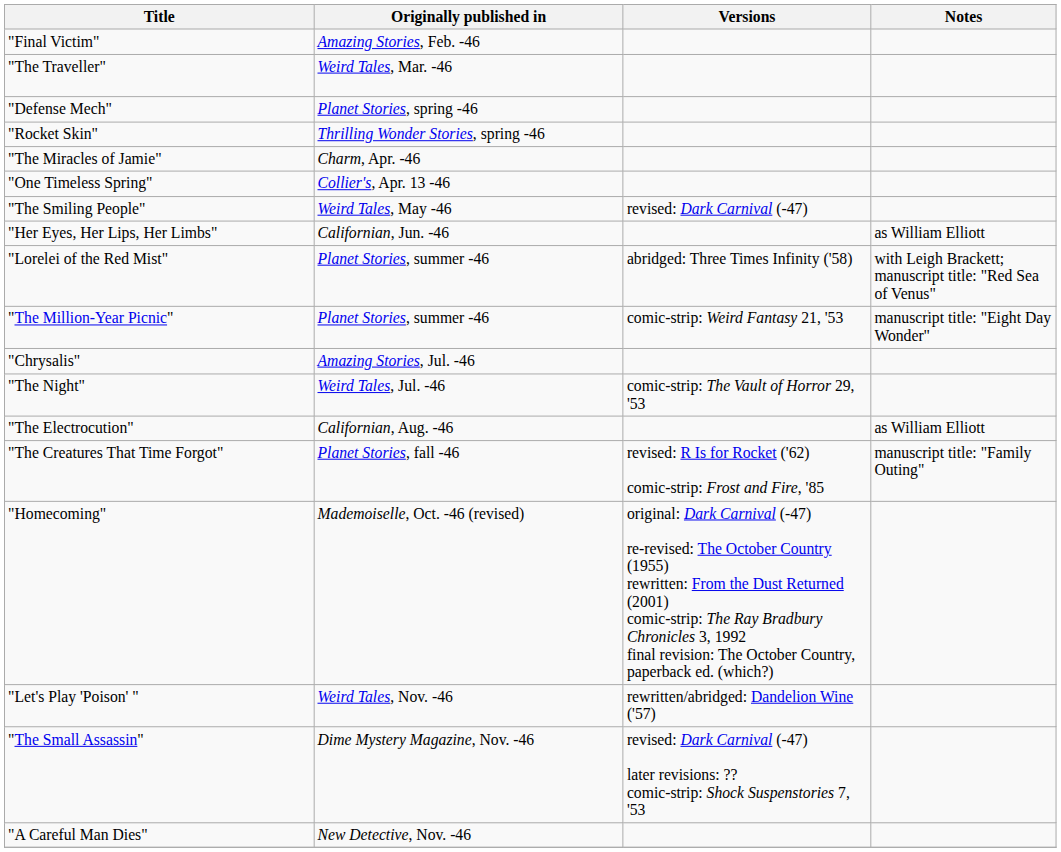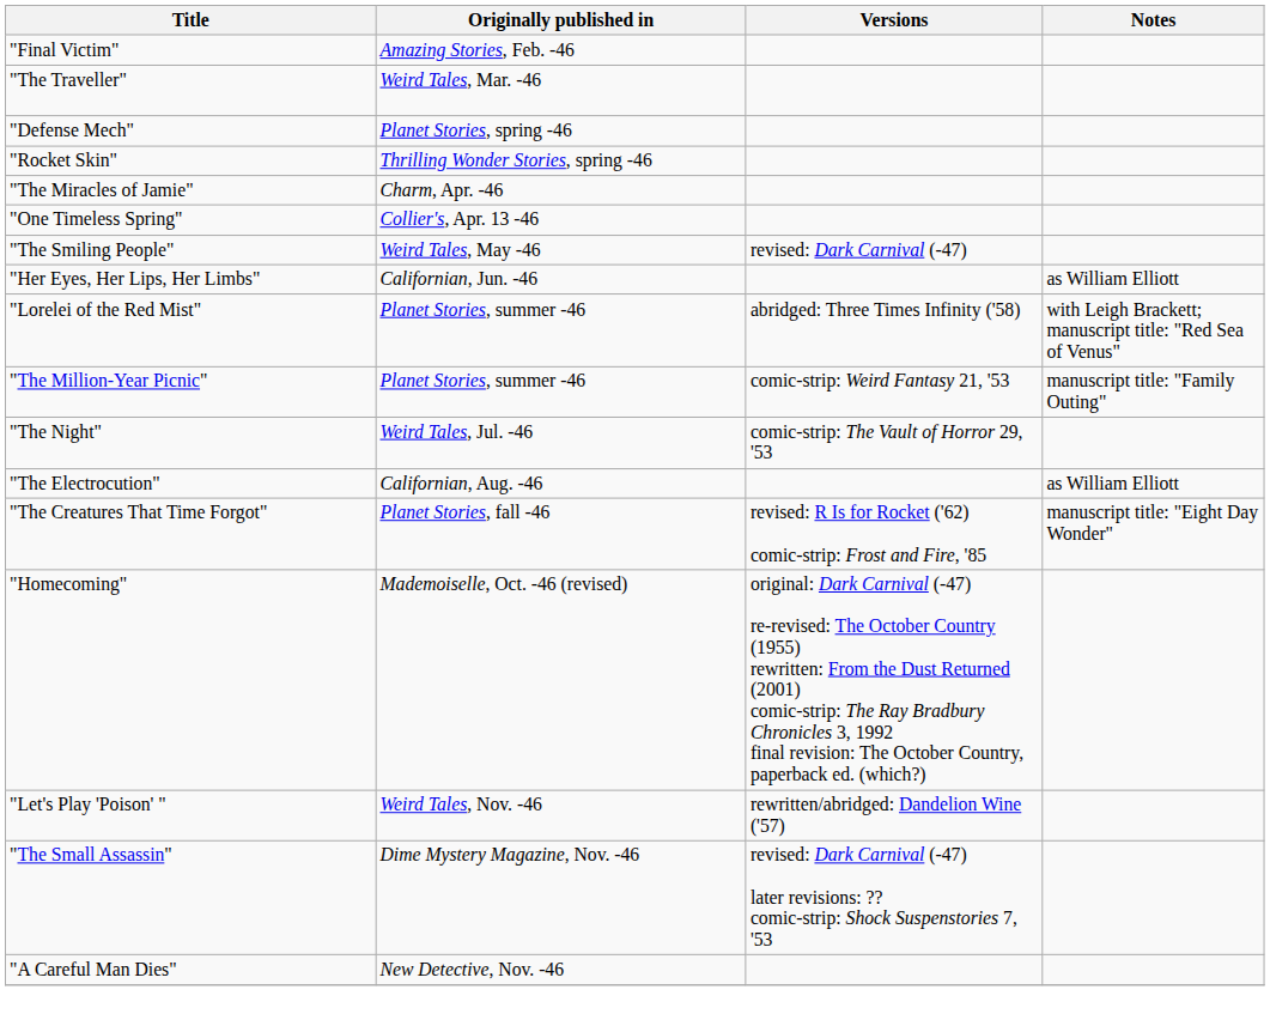 <table class="wikitable" style="width: 85%">
 <tr valign="top">
 <th width="25%">Title</th>
 <th width="25%">Originally published in</th>
 <th width="20%">Versions</th>
 <th width="15%">Notes</th>
 </tr>
 <tr valign="top">
 <td>"Final Victim"</td>
 <td><em><a href='#'>Amazing Stories</a></em>, Feb. -46</td>
 <td></td>
 <td></td>
 </tr>
 <tr valign="top">
 <td>"The Traveller" <br><br></td>
 <td><em><a href='#'>Weird Tales</a></em>, Mar. -46</td>
 <td></td>
 <td></td>
 </tr>
 <tr valign="top">
 <td>"Defense Mech"</td>
 <td><em><a href='#'>Planet Stories</a></em>, spring -46</td>
 <td></td>
 <td></td>
 </tr>
 <tr valign="top">
 <td>"Rocket Skin"</td>
 <td><a href='#'><em>Thrilling Wonder Stories</em></a>, spring -46</td>
 <td></td>
 <td></td>
 </tr>
 <tr valign="top">
 <td>"The Miracles of Jamie"</td>
 <td><em>Charm</em>, Apr. -46</td>
 <td></td>
 <td></td>
 </tr>
 <tr valign="top">
 <td>"One Timeless Spring"</td>
 <td><em><a href='#'>Collier's</a></em>, Apr. 13 -46</td>
 <td></td>
 <td></td>
 </tr>
 <tr valign="top">
 <td>"The Smiling People"</td>
 <td><em><a href='#'>Weird Tales</a></em>, May -46</td>
 <td>revised: <em><a href='#'>Dark Carnival</a></em> (-47)</td>
 <td></td>
 </tr>
 <tr valign="top">
 <td>"Her Eyes, Her Lips, Her Limbs"</td>
 <td><em>Californian</em>, Jun. -46</td>
 <td></td>
 <td>as William Elliott</td>
 </tr>
 <tr valign="top">
 <td>"Lorelei of the Red Mist"</td>
 <td><em><a href='#'>Planet Stories</a></em>, summer -46</td>
 <td>abridged: Three Times Infinity ('58)</td>
 <td>with Leigh Brackett; manuscript title: "Red Sea of Venus"</td>
 </tr>
 <tr valign="top">
 <td>"<a href='#'>The Million-Year Picnic</a>" <br><br></td>
 <td><em><a href='#'>Planet Stories</a></em>, summer -46</td>
 <td>comic-strip: <em>Weird Fantasy</em> 21, '53</td>
-<td>manuscript title: "Eight Day Wonder"</td>
-</tr>
-<tr valign="top">
-<td>"Chrysalis"</td>
-<td><em><a href='#'>Amazing Stories</a></em>, Jul. -46</td>
-<td></td>
-<td></td>
+<td>manuscript title: "Family Outing"</td>
 </tr>
 <tr valign="top">
 <td>"The Night" <br><br></td>
 <td><em><a href='#'>Weird Tales</a></em>, Jul. -46</td>
 <td>comic-strip: <em>The Vault of Horror</em> 29, '53</td>
 <td></td>
 </tr>
 <tr valign="top">
 <td>"The Electrocution"</td>
 <td><em>Californian</em>, Aug. -46</td>
 <td></td>
 <td>as William Elliott</td>
 </tr>
 <tr valign="top">
 <td>"The Creatures That Time Forgot" <br><br></td>
 <td><em><a href='#'>Planet Stories</a></em>, fall -46</td>
 <td>revised: <a href='#'>R Is for Rocket</a> ('62) <br><br>comic-strip: <em>Frost and Fire</em>, '85</td>
-<td>manuscript title: "Family Outing"</td>
+<td>manuscript title: "Eight Day Wonder"</td>
 </tr>
 <tr valign="top">
 <td>"Homecoming" <br><br></td>
 <td><em>Mademoiselle</em>, Oct. -46 (revised)</td>
 <td>original: <em><a href='#'>Dark Carnival</a></em> (-47) <br><br>re-revised: <a href='#'>The October Country</a> (1955) <br> rewritten: <a href='#'>From the Dust Returned</a> (2001) <br> comic-strip: <em>The Ray Bradbury Chronicles</em> 3, 1992 <br> final revision: The October Country, paperback ed. (which?)</td>
 <td></td>
 </tr>
 <tr valign="top">
 <td>"Let's Play 'Poison' "</td>
 <td><em><a href='#'>Weird Tales</a></em>, Nov. -46</td>
 <td>rewritten/abridged: <a href='#'>Dandelion Wine</a> ('57)</td>
 <td></td>
 </tr>
 <tr valign="top">
 <td>"<a href='#'>The Small Assassin</a>"</td>
 <td><em>Dime Mystery Magazine</em>, Nov. -46</td>
 <td>revised: <em><a href='#'>Dark Carnival</a></em> (-47) <br><br>later revisions: ?? <br> comic-strip: <em>Shock Suspenstories</em> 7, '53</td>
 <td></td>
 </tr>
 <tr valign="top">
 <td>"A Careful Man Dies"</td>
 <td><em>New Detective</em>, Nov. -46</td>
 <td></td>
 <td></td>
 </tr>
 <tr valign="top">
 </tr>
 </table>
